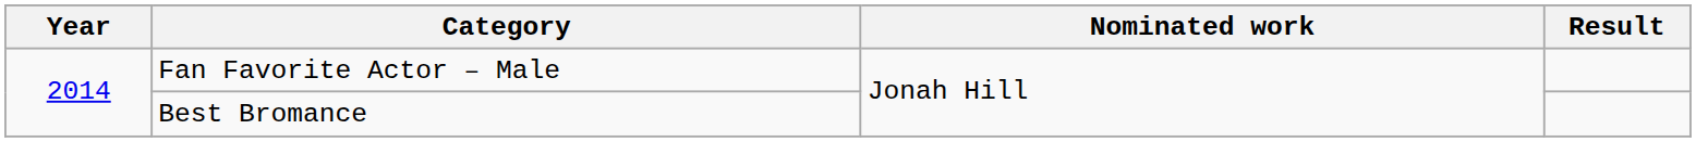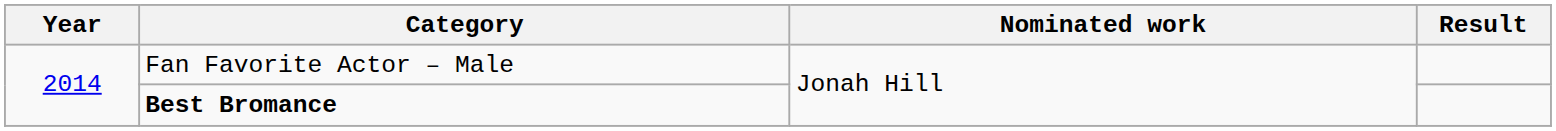 <table class=wikitable>
 <tr>
 <th scope="col" style="width:5em;">Year</th>
 <th scope="col" style="width:26em;">Category</th>
 <th scope="col" style="width:25em;">Nominated work</th>
 <th scope="col" style="width:5em;">Result</th>
 </tr>
 <tr>
 <td style="text-align:center;", rowspan="2"><a href='#'>2014</a></td>
 <td>Fan Favorite Actor – Male</td>
 <td rowspan="2">Jonah Hill</td>
 <td></td>
 </tr>
 <tr>
-<td>Best Bromance</td>
+<td><strong>Best Bromance</strong></td>
 <td></td>
 </tr>
 </table>
